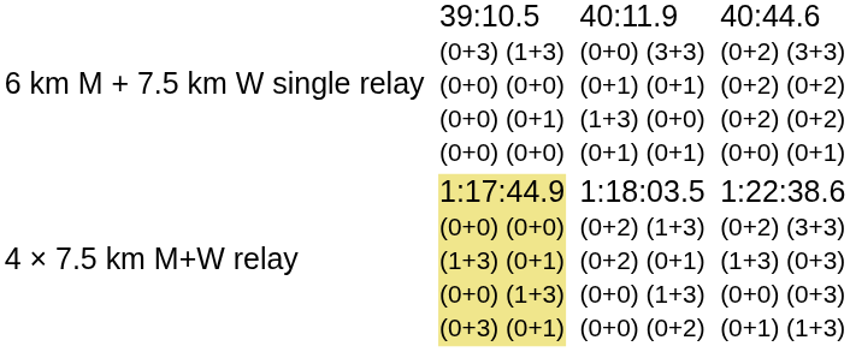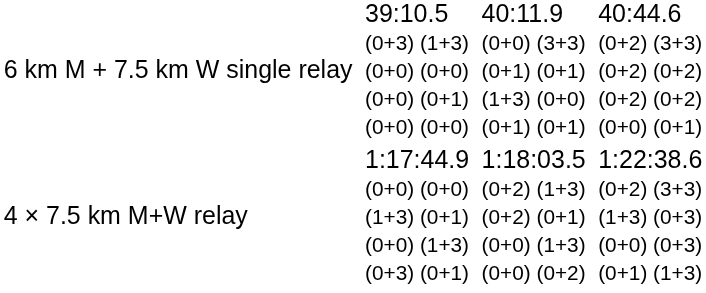 <table>
 <tr>
 <td>6 km M + 7.5 km W single relay<br><em></em></td>
 <td></td>
 <td>39:10.5<br><small>(0+3) (1+3)<br>(0+0) (0+0)<br>(0+0) (0+1)<br>(0+0) (0+0)</small></td>
 <td></td>
 <td>40:11.9<br><small>(0+0) (3+3)<br>(0+1) (0+1)<br>(1+3) (0+0)<br>(0+1) (0+1)</small></td>
 <td></td>
 <td>40:44.6<br><small>(0+2) (3+3)<br>(0+2) (0+2)<br>(0+2) (0+2)<br>(0+0) (0+1)</small></td>
 </tr>
 <tr>
 <td>4 × 7.5 km M+W relay<br><em></em></td>
 <td></td>
-<td style="background: khaki;">1:17:44.9<br><small>(0+0) (0+0)<br>(1+3) (0+1)<br>(0+0) (1+3)<br>(0+3) (0+1)</small></td>
+<td>1:17:44.9<br><small>(0+0) (0+0)<br>(1+3) (0+1)<br>(0+0) (1+3)<br>(0+3) (0+1)</small></td>
 <td></td>
 <td>1:18:03.5<br><small>(0+2) (1+3)<br>(0+2) (0+1)<br>(0+0) (1+3)<br>(0+0) (0+2)</small></td>
 <td></td>
 <td>1:22:38.6<br><small>(0+2) (3+3)<br>(1+3) (0+3)<br>(0+0) (0+3)<br>(0+1) (1+3)</small></td>
 </tr>
 </table>
